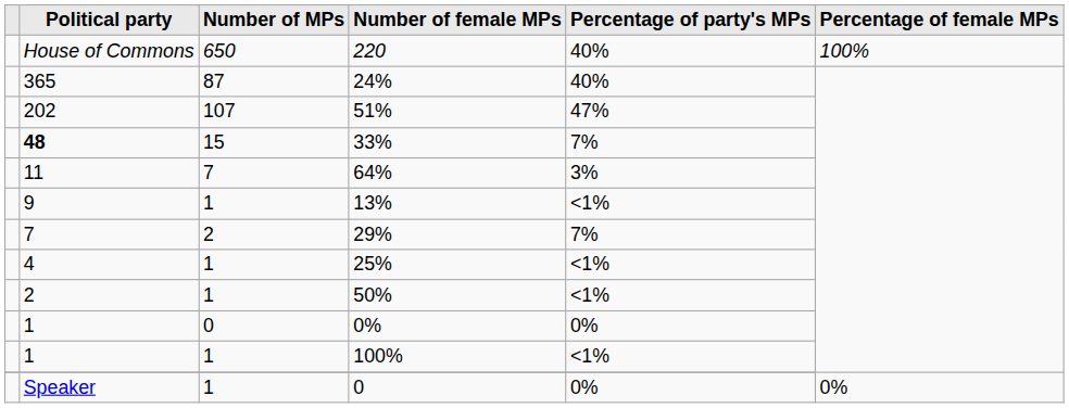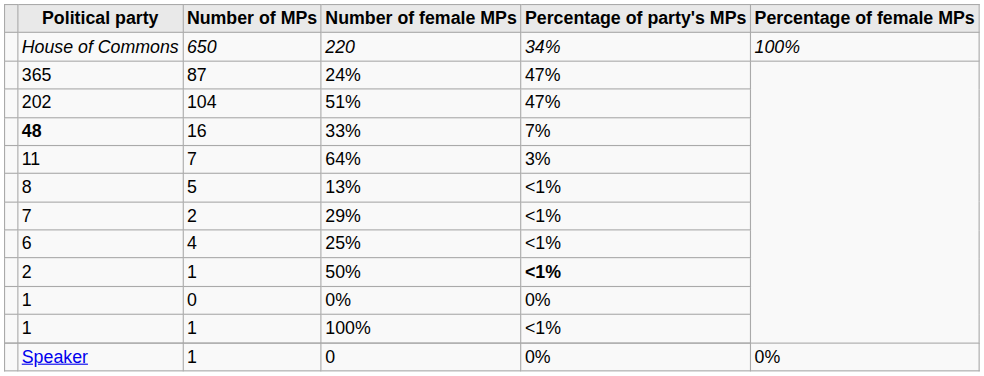 <table class="wikitable sortable">
 <tr>
 <th style="background-color:#E9E9E9" class="unsortable"></th>
 <th style="background-color:#E9E9E9" align=center>Political party<br></th>
 <th style="background-color:#E9E9E9" align=center>Number of MPs</th>
 <th style="background-color:#E9E9E9" align=center>Number of female MPs</th>
 <th style="background-color:#E9E9E9" align=center>Percentage of party's MPs</th>
 <th style="background-color:#E9E9E9" align=center>Percentage of female MPs</th>
 </tr>
 <tr>
 <td></td>
 <td><em>House of Commons</em></td>
 <td><em>650</em></td>
 <td><em>220</em></td>
-<td>40%</td>
+<td><em>34%</em></td>
 <td><em>100%</em></td>
 </tr>
 <tr>
 <td></td>
 <td>365</td>
 <td>87</td>
 <td>24%</td>
-<td>40%</td>
+<td>47%</td>
 </tr>
 <tr>
 <td></td>
 <td>202</td>
-<td>107</td>
+<td>104</td>
 <td>51%</td>
 <td>47%</td>
 </tr>
 <tr>
 <td></td>
 <td><strong>48</strong></td>
-<td>15</td>
+<td>16</td>
 <td>33%</td>
 <td>7%</td>
 </tr>
 <tr>
 <td></td>
 <td>11</td>
 <td>7</td>
 <td>64%</td>
 <td>3%</td>
 </tr>
 <tr>
 <td></td>
-<td>9</td>
-<td>1</td>
+<td>8</td>
+<td>5</td>
 <td>13%</td>
 <td><1%</td>
 </tr>
 <tr>
 <td></td>
 <td>7</td>
 <td>2</td>
 <td>29%</td>
-<td>7%</td>
+<td><1%</td>
 </tr>
 <tr>
 <td></td>
+<td>6</td>
 <td>4</td>
-<td>1</td>
 <td>25%</td>
 <td><1%</td>
 </tr>
 <tr>
 <td></td>
 <td>2</td>
 <td>1</td>
 <td>50%</td>
-<td><1%</td>
+<td><strong><1%</strong></td>
 </tr>
 <tr>
 <td></td>
 <td>1</td>
 <td>0</td>
 <td>0%</td>
 <td>0%</td>
 </tr>
 <tr>
 <td></td>
 <td>1</td>
 <td>1</td>
 <td>100%</td>
 <td><1%</td>
 </tr>
 <tr>
 </tr>
 <tr>
 <td style="background-color:"> </td>
 <td><a href='#'>Speaker</a><br></td>
 <td>1</td>
 <td>0</td>
 <td>0%</td>
 <td>0%</td>
 </tr>
 </table>
